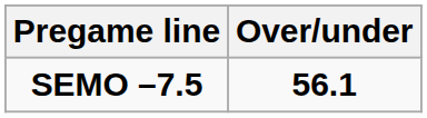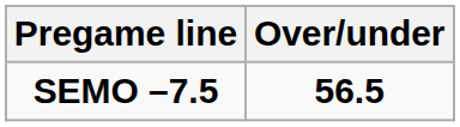 <table class="wikitable">
 <tr align="center">
 <th>Pregame line</th>
 <th>Over/under</th>
 </tr>
 <tr align="center">
 <td><strong>SEMO –7.5</strong></td>
-<td><strong>56.1</strong></td>
+<td><strong>56.5</strong></td>
 </tr>
 </table>
